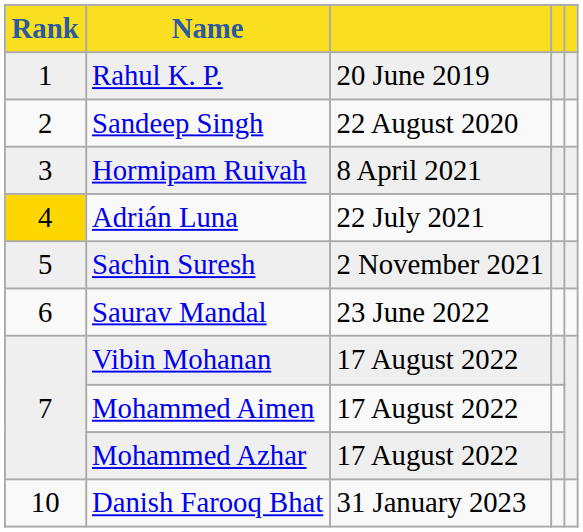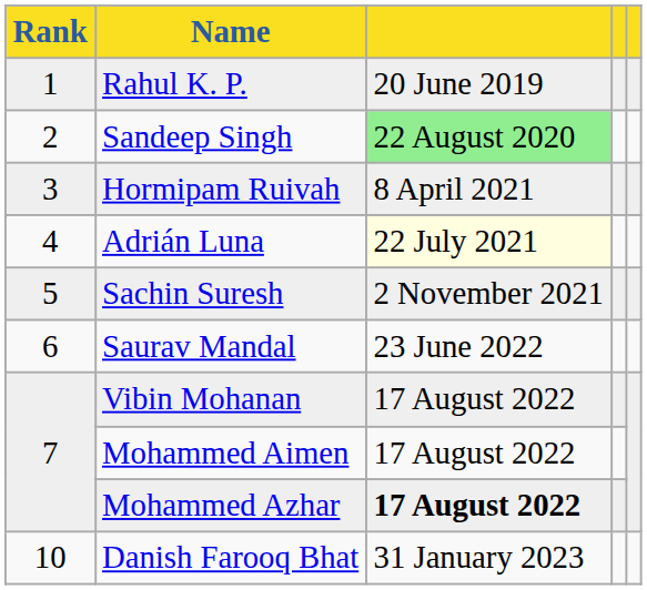 <table class="wikitable" style="font-size: 95%; text-align: center;">
 <tr>
 <th style="background:#FADF20; color:#2A5AA1; text-align:center;">Rank</th>
 <th style="background:#FADF20; color:#2A5AA1; text-align:center;">Name</th>
 <th style="background:#FADF20; color:#2A5AA1; text-align:center;"></th>
 <th style="background:#FADF20; color:#2A5AA1; text-align:center;"></th>
 <th style="background:#FADF20; color:#2A5AA1; text-align:center;"></th>
 </tr>
 <tr bgcolor="#EFEFEF">
 <td>1</td>
 <td style="text-align:left;"> <a href='#'>Rahul K. P.</a></td>
 <td style="text-align:left;">20 June 2019</td>
 <td style="text-align:left;"></td>
 <td></td>
 </tr>
 <tr>
 <td>2</td>
 <td style="text-align:left;"> <a href='#'>Sandeep Singh</a></td>
-<td style="text-align:left;">22 August 2020</td>
+<td style="background: lightgreen; text-align:left;">22 August 2020</td>
 <td style="text-align:left;"></td>
 <td></td>
 </tr>
 <tr bgcolor="#EFEFEF">
 <td>3</td>
 <td style="text-align:left;"> <a href='#'>Hormipam Ruivah</a></td>
 <td style="text-align:left;">8 April 2021</td>
 <td style="text-align:left;"></td>
 <td></td>
 </tr>
 <tr>
-<td style="background: gold;">4</td>
+<td>4</td>
 <td style="text-align:left;"> <a href='#'>Adrián Luna</a></td>
-<td style="text-align:left;">22 July 2021</td>
+<td style="background: lightyellow; text-align:left;">22 July 2021</td>
 <td style="text-align:left;"></td>
 <td></td>
 </tr>
 <tr bgcolor="#EFEFEF">
 <td>5</td>
 <td style="text-align:left;"> <a href='#'>Sachin Suresh</a></td>
 <td style="text-align:left;">2 November 2021</td>
 <td style="text-align:left;"></td>
 <td></td>
 </tr>
 <tr>
 <td>6</td>
 <td style="text-align:left;"> <a href='#'>Saurav Mandal</a></td>
 <td style="text-align:left;">23 June 2022</td>
 <td style="text-align:left;"></td>
 <td></td>
 </tr>
 <tr bgcolor="#EFEFEF">
 <td rowspan="3">7</td>
 <td style="text-align:left;"> <a href='#'>Vibin Mohanan</a></td>
 <td style="text-align:left;">17 August 2022</td>
 <td style="text-align:left;"></td>
 <td rowspan="3"></td>
 </tr>
 <tr>
 <td style="text-align:left;"> <a href='#'>Mohammed Aimen</a></td>
 <td style="text-align:left;">17 August 2022</td>
 <td style="text-align:left;"></td>
 </tr>
 <tr bgcolor="#EFEFEF">
 <td style="text-align:left;"> <a href='#'>Mohammed Azhar</a></td>
-<td style="text-align:left;">17 August 2022</td>
+<td style="text-align:left;"><strong>17 August 2022</strong></td>
 <td style="text-align:left;"></td>
 </tr>
 <tr>
 <td>10</td>
 <td style="text-align:left;"> <a href='#'>Danish Farooq Bhat</a></td>
 <td style="text-align:left;">31 January 2023</td>
 <td style="text-align:left;"></td>
 <td></td>
 </tr>
 </table>
